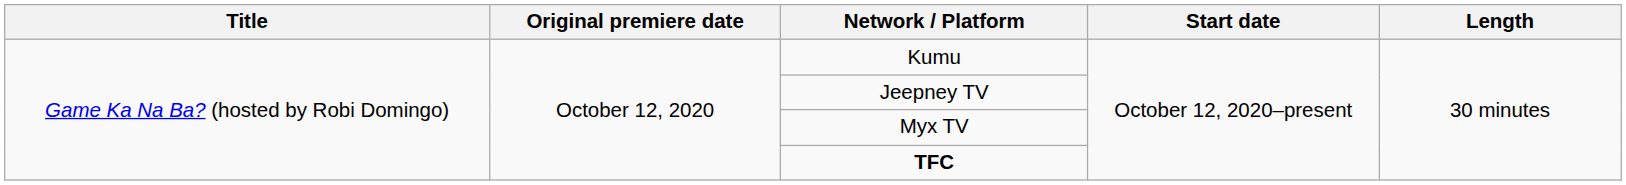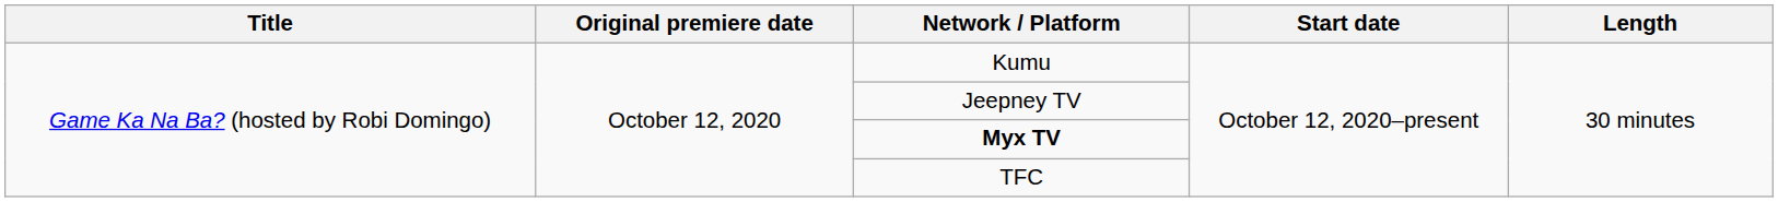 <table class="wikitable sortable" style="text-align:center; font-size:100%; line-height:20px;" width="100%">
 <tr>
 <th style="width:30%;">Title</th>
 <th style="width:18%;">Original premiere date</th>
 <th style="width:19%;">Network / Platform</th>
 <th style="width:18%;">Start date</th>
 <th style="width:15%;">Length</th>
 </tr>
 <tr>
 <td rowspan="4"><em><a href='#'>Game Ka Na Ba?</a></em> (hosted by Robi Domingo)</td>
 <td rowspan="4">October 12, 2020</td>
 <td>Kumu</td>
 <td rowspan="4">October 12, 2020–present</td>
 <td rowspan="4">30 minutes</td>
 </tr>
 <tr>
 <td>Jeepney TV</td>
 </tr>
 <tr>
-<td>Myx TV</td>
+<td><strong>Myx TV</strong></td>
 </tr>
 <tr>
-<td><strong>TFC</strong></td>
+<td>TFC</td>
 </tr>
 </table>
